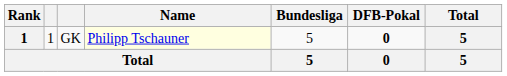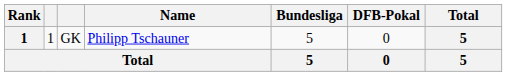 <table class="wikitable" style="text-align:center;">
 <tr>
 <th>Rank</th>
 <th></th>
 <th></th>
 <th width=205>Name</th>
 <th width=80>Bundesliga</th>
 <th width=80>DFB-Pokal</th>
 <th width=80>Total</th>
 </tr>
 <tr>
 <th>1</th>
 <td>1</td>
 <td>GK</td>
-<td align="left" style="background: lightyellow;"> <a href='#'>Philipp Tschauner</a></td>
+<td align="left"> <a href='#'>Philipp Tschauner</a></td>
 <td>5</td>
-<td><strong>0</strong></td>
+<td>0</td>
 <th>5</th>
 </tr>
 <tr>
 <th colspan="4">Total</th>
 <th>5</th>
 <th>0</th>
 <th>5</th>
 </tr>
 </table>
